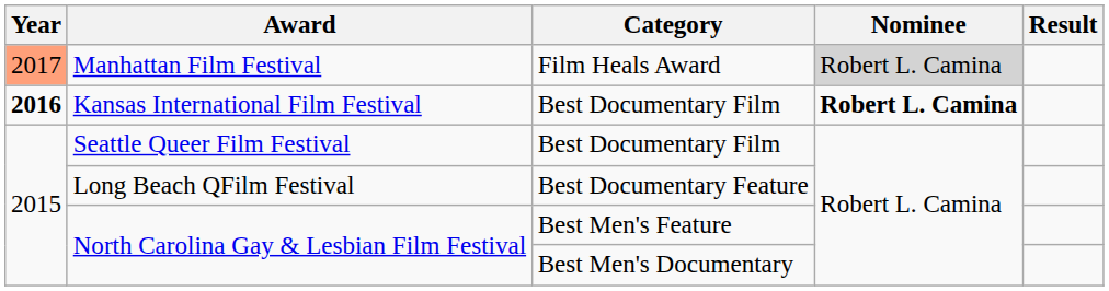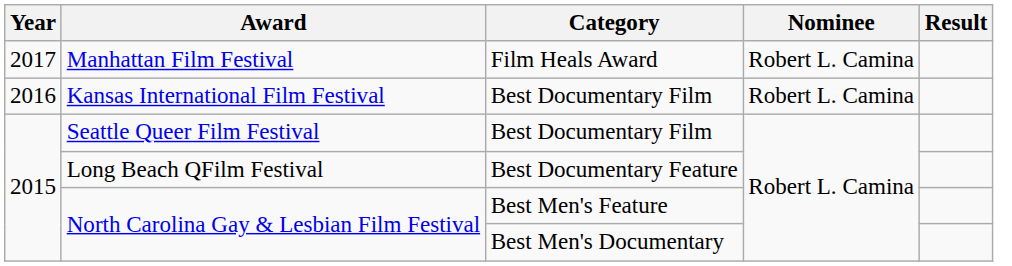 <table class="wikitable">
 <tr>
 <th>Year</th>
 <th>Award</th>
 <th>Category</th>
 <th>Nominee</th>
 <th>Result</th>
 </tr>
 <tr>
-<td style="background: lightsalmon;">2017</td>
+<td>2017</td>
 <td><a href='#'>Manhattan Film Festival</a></td>
 <td>Film Heals Award</td>
-<td style="background: lightgrey;">Robert L. Camina</td>
+<td>Robert L. Camina</td>
 <td></td>
 </tr>
 <tr>
-<td><strong>2016</strong></td>
+<td>2016</td>
 <td><a href='#'>Kansas International Film Festival</a></td>
 <td>Best Documentary Film</td>
-<td><strong>Robert L. Camina</strong></td>
+<td>Robert L. Camina</td>
 <td></td>
 </tr>
 <tr>
 <td rowspan="4">2015</td>
 <td><a href='#'>Seattle Queer Film Festival</a></td>
 <td>Best Documentary Film</td>
 <td rowspan="4">Robert L. Camina</td>
 <td></td>
 </tr>
 <tr>
 <td>Long Beach QFilm Festival</td>
 <td>Best Documentary Feature</td>
 <td></td>
 </tr>
 <tr>
 <td rowspan="2"><a href='#'>North Carolina Gay & Lesbian Film Festival</a></td>
 <td>Best Men's Feature</td>
 <td></td>
 </tr>
 <tr>
 <td>Best Men's Documentary</td>
 <td></td>
 </tr>
 </table>
